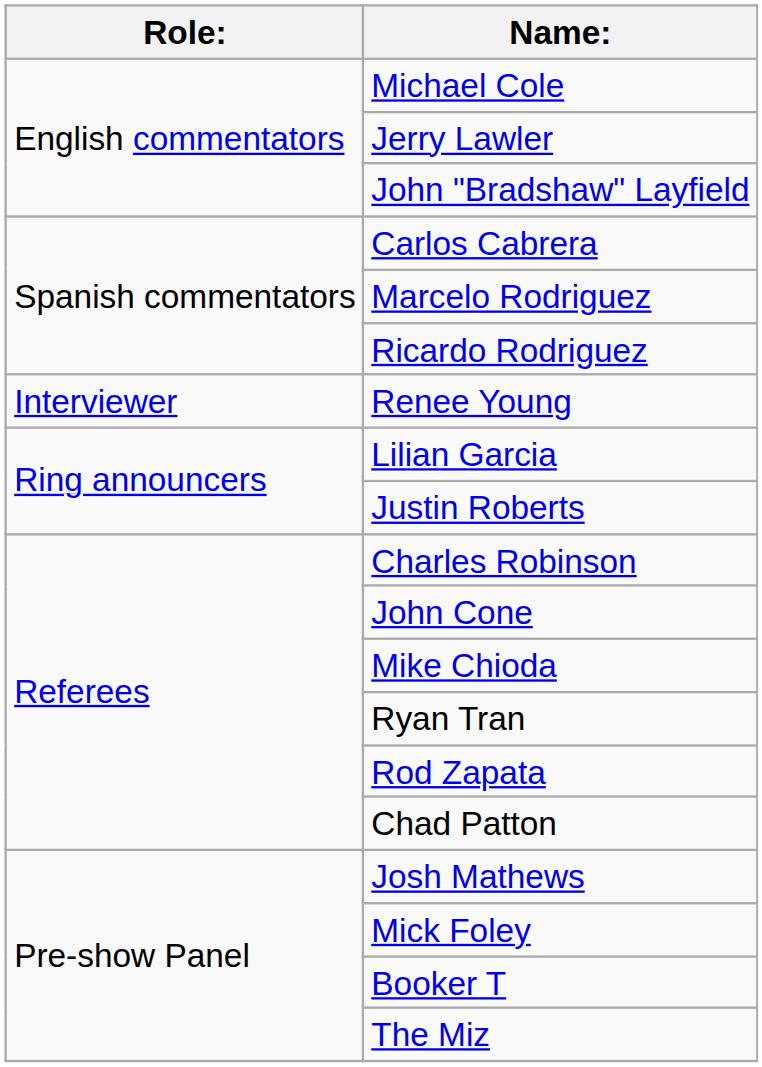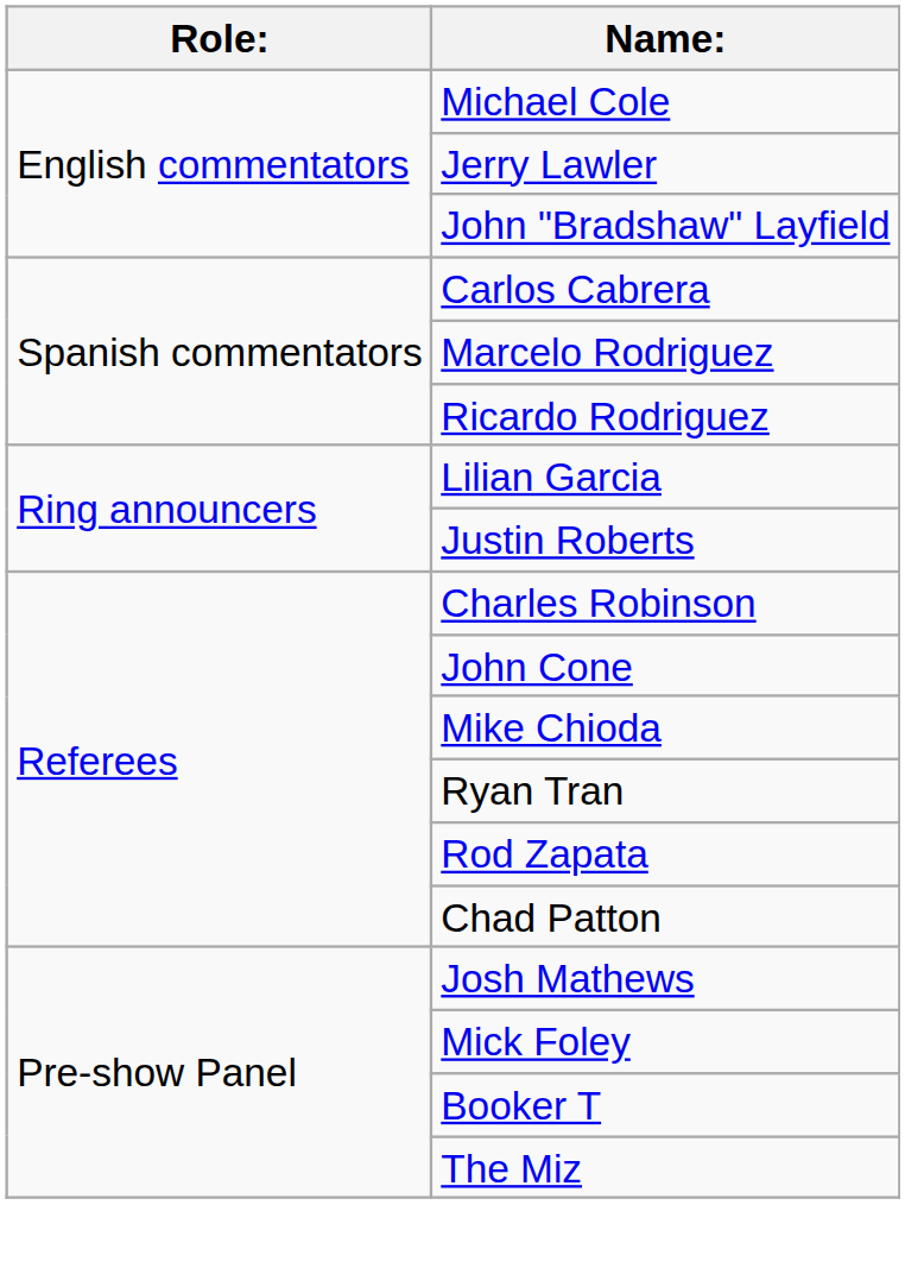 <table class=wikitable style="font-size:90%; margin: 0.5em 0 0.5em 1em; float: right; clear: right;">
 <tr>
 <th>Role:</th>
 <th>Name:</th>
 </tr>
 <tr>
 <td rowspan=3>English <a href='#'>commentators</a></td>
 <td><a href='#'>Michael Cole</a></td>
 </tr>
 <tr>
 <td><a href='#'>Jerry Lawler</a></td>
 </tr>
 <tr>
 <td><a href='#'>John "Bradshaw" Layfield</a></td>
 </tr>
 <tr>
 <td rowspan=3>Spanish commentators</td>
 <td><a href='#'>Carlos Cabrera</a></td>
 </tr>
 <tr>
 <td><a href='#'>Marcelo Rodriguez</a></td>
 </tr>
 <tr>
 <td><a href='#'>Ricardo Rodriguez</a></td>
-</tr>
-<tr>
-<td><a href='#'>Interviewer</a></td>
-<td><a href='#'>Renee Young</a></td>
 </tr>
 <tr>
 <td rowspan=2><a href='#'>Ring announcers</a></td>
 <td><a href='#'>Lilian Garcia</a></td>
 </tr>
 <tr>
 <td><a href='#'>Justin Roberts</a></td>
 </tr>
 <tr>
 <td rowspan=6><a href='#'>Referees</a></td>
 <td><a href='#'>Charles Robinson</a></td>
 </tr>
 <tr>
 <td><a href='#'>John Cone</a></td>
 </tr>
 <tr>
 <td><a href='#'>Mike Chioda</a></td>
 </tr>
 <tr>
 <td>Ryan Tran</td>
 </tr>
 <tr>
 <td><a href='#'>Rod Zapata</a></td>
 </tr>
 <tr>
 <td>Chad Patton</td>
 </tr>
 <tr>
 <td rowspan=4>Pre-show Panel</td>
 <td><a href='#'>Josh Mathews</a></td>
 </tr>
 <tr>
 <td><a href='#'>Mick Foley</a></td>
 </tr>
 <tr>
 <td><a href='#'>Booker T</a></td>
 </tr>
 <tr>
 <td><a href='#'>The Miz</a></td>
 </tr>
 </table>
